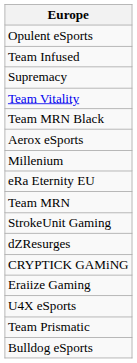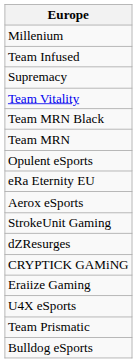 <table class="wikitable" style="display: inline-table; margin-left: 25px;">
 <tr>
 <th>Europe</th>
 </tr>
 <tr>
-<td>Opulent eSports</td>
+<td>Millenium</td>
 </tr>
 <tr>
 <td>Team Infused</td>
 </tr>
 <tr>
 <td>Supremacy</td>
 </tr>
 <tr>
 <td><a href='#'>Team Vitality</a></td>
 </tr>
 <tr>
 <td>Team MRN Black</td>
 </tr>
 <tr>
-<td>Aerox eSports</td>
+<td>Team MRN</td>
 </tr>
 <tr>
-<td>Millenium</td>
+<td>Opulent eSports</td>
 </tr>
 <tr>
 <td>eRa Eternity EU</td>
 </tr>
 <tr>
-<td>Team MRN</td>
+<td>Aerox eSports</td>
 </tr>
 <tr>
 <td>StrokeUnit Gaming</td>
 </tr>
 <tr>
 <td>dZResurges</td>
 </tr>
 <tr>
 <td>CRYPTICK GAMiNG</td>
 </tr>
 <tr>
 <td>Eraiize Gaming</td>
 </tr>
 <tr>
 <td>U4X eSports</td>
 </tr>
 <tr>
 <td>Team Prismatic</td>
 </tr>
 <tr>
 <td>Bulldog eSports</td>
 </tr>
 </table>
